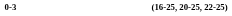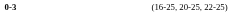 <table width=100% cellspacing=1>
 <tr>
 <th width=20%></th>
 <th width=12%></th>
 <th width=20%></th>
 <th width=33%></th>
 <td></td>
 </tr>
 <tr style=font-size:90%>
 <td align=right></td>
 <td align=center><strong>0-3</strong></td>
 <td></td>
-<td><strong>(16-25, 20-25, 22-25)</strong></td>
+<td>(16-25, 20-25, 22-25)</td>
 </tr>
 </table>
